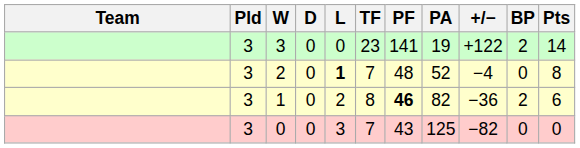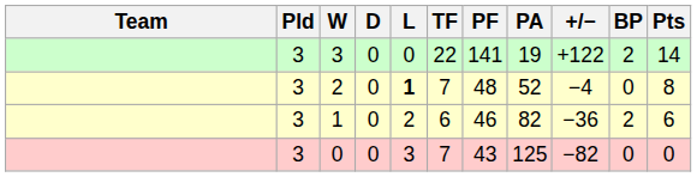 <table class="wikitable" style="text-align:center">
 <tr>
 <th width="200">Team</th>
 <th width="20">Pld</th>
 <th width="20">W</th>
 <th width="20">D</th>
 <th width="20">L</th>
 <th width="20">TF</th>
 <th width="20">PF</th>
 <th width="20">PA</th>
 <th width="25">+/−</th>
 <th width="20">BP</th>
 <th width="20">Pts</th>
 </tr>
 <tr style="background:#cfc;">
 <td align=left></td>
 <td>3</td>
 <td>3</td>
 <td>0</td>
 <td>0</td>
-<td>23</td>
+<td>22</td>
 <td>141</td>
 <td>19</td>
 <td>+122</td>
 <td>2</td>
 <td>14</td>
 </tr>
 <tr style="background:#ffc;">
 <td align=left></td>
 <td>3</td>
 <td>2</td>
 <td>0</td>
 <td><strong>1</strong></td>
 <td>7</td>
 <td>48</td>
 <td>52</td>
 <td>−4</td>
 <td>0</td>
 <td>8</td>
 </tr>
 <tr style="background:#ffc;">
 <td align=left></td>
 <td>3</td>
 <td>1</td>
 <td>0</td>
 <td>2</td>
-<td>8</td>
-<td><strong>46</strong></td>
+<td>6</td>
+<td>46</td>
 <td>82</td>
 <td>−36</td>
 <td>2</td>
 <td>6</td>
 </tr>
 <tr style="background:#fcc;">
 <td align=left></td>
 <td>3</td>
 <td>0</td>
 <td>0</td>
 <td>3</td>
 <td>7</td>
 <td>43</td>
 <td>125</td>
 <td>−82</td>
 <td>0</td>
 <td>0</td>
 </tr>
 </table>
